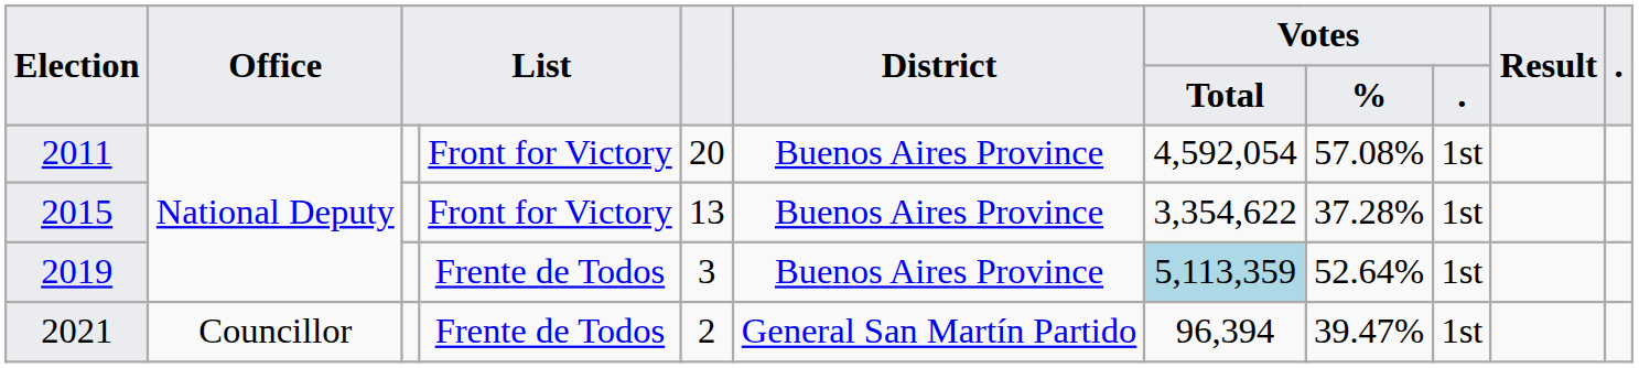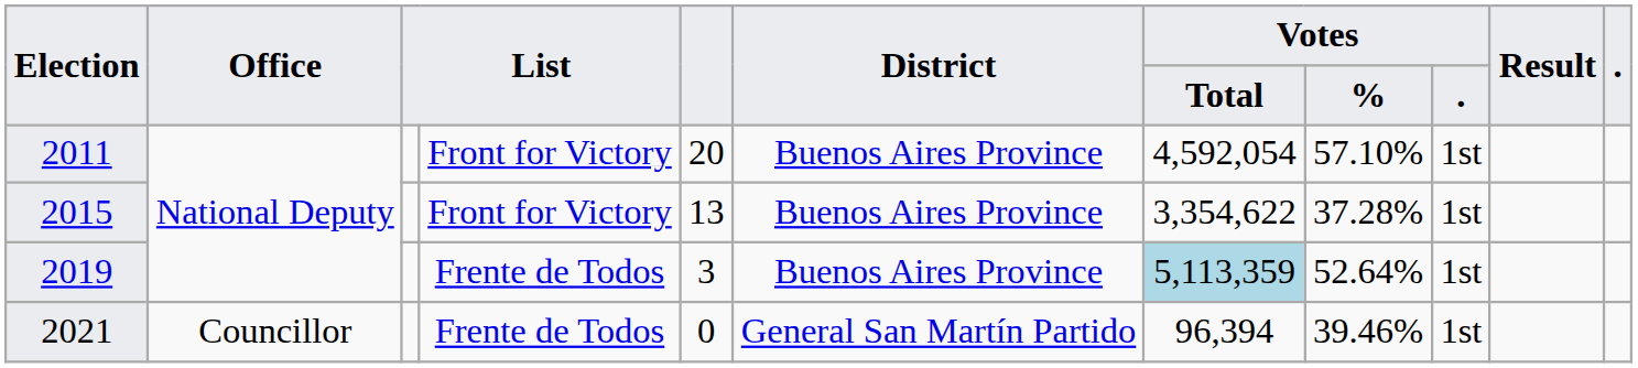 <table class="wikitable" style="font-size:90%; text-align:center;">
 <tr>
 <th style="background-color:#EAECF0;" rowspan=2>Election</th>
 <th style="background-color:#EAECF0;" rowspan=2>Office</th>
 <th style="background-color:#EAECF0;" colspan=2 rowspan=2>List</th>
 <th style="background-color:#EAECF0;" rowspan=2></th>
 <th style="background-color:#EAECF0;" rowspan=2>District</th>
 <th style="background-color:#EAECF0;" colspan=3>Votes</th>
 <th style="background-color:#EAECF0;" rowspan=2>Result</th>
 <th style="background-color:#EAECF0;" rowspan=2>.</th>
 </tr>
 <tr>
 <th style="background-color:#EAECF0;">Total</th>
 <th style="background-color:#EAECF0;">%</th>
 <th style="background-color:#EAECF0;">.</th>
 </tr>
 <tr>
 <td style="background-color:#EAECF0;"><a href='#'>2011</a></td>
 <td rowspan="3"><a href='#'>National Deputy</a></td>
 <td style="background-color:"></td>
 <td><a href='#'>Front for Victory</a></td>
 <td>20</td>
 <td><a href='#'>Buenos Aires Province</a></td>
 <td>4,592,054</td>
-<td>57.08%</td>
+<td>57.10%</td>
 <td>1st</td>
 <td></td>
 <td></td>
 </tr>
 <tr>
 <td style="background-color:#EAECF0;"><a href='#'>2015</a></td>
 <td style="background-color:"></td>
 <td><a href='#'>Front for Victory</a></td>
 <td>13</td>
 <td><a href='#'>Buenos Aires Province</a></td>
 <td>3,354,622</td>
 <td>37.28%</td>
 <td>1st</td>
 <td></td>
 <td></td>
 </tr>
 <tr>
 <td style="background-color:#EAECF0;"><a href='#'>2019</a></td>
 <td style="background-color:"></td>
 <td><a href='#'>Frente de Todos</a></td>
 <td>3</td>
 <td><a href='#'>Buenos Aires Province</a></td>
 <td style="background: lightblue;">5,113,359</td>
 <td>52.64%</td>
 <td>1st</td>
 <td></td>
 <td></td>
 </tr>
 <tr>
 <td style="background-color:#EAECF0;">2021</td>
 <td>Councillor</td>
 <td style="background-color:"></td>
 <td><a href='#'>Frente de Todos</a></td>
-<td>2</td>
+<td>0</td>
 <td><a href='#'>General San Martín Partido</a></td>
 <td>96,394</td>
-<td>39.47%</td>
+<td>39.46%</td>
 <td>1st</td>
 <td></td>
 <td></td>
 </tr>
 </table>
